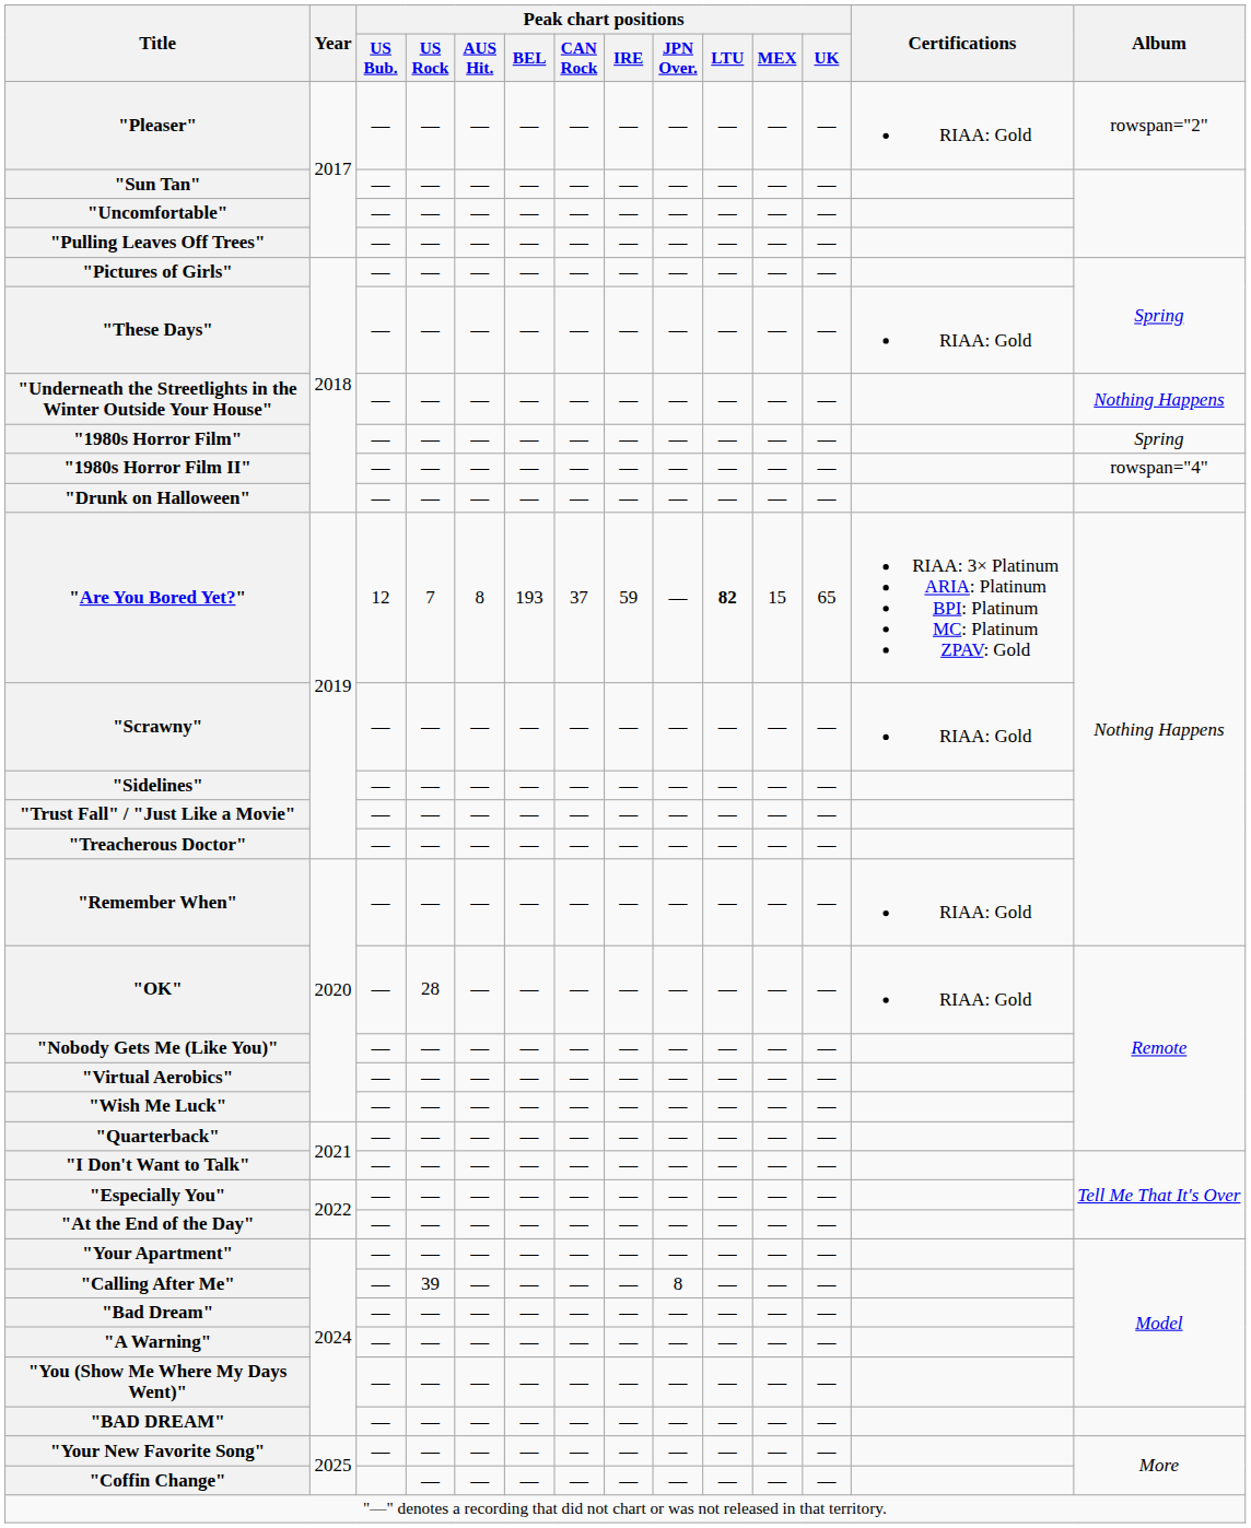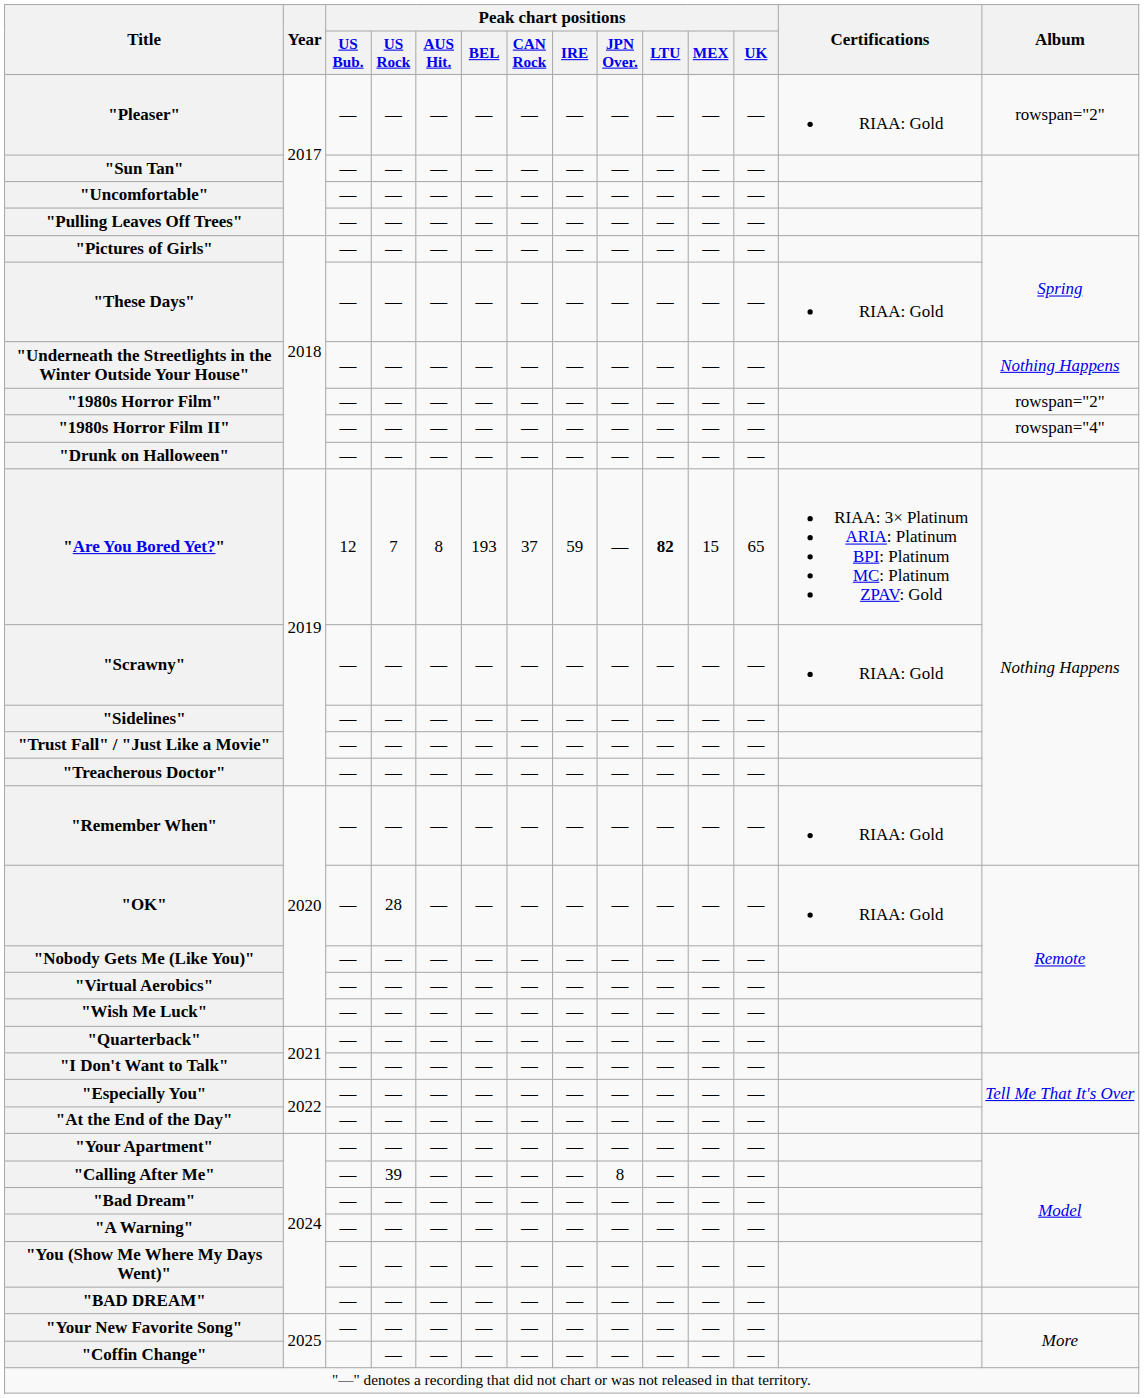 <table class="wikitable plainrowheaders" style="text-align:center;">
 <tr>
 <th scope="col" rowspan="2" style="width:16em;">Title</th>
 <th scope="col" rowspan="2" style="width:1em;">Year</th>
 <th scope="col" colspan="10">Peak chart positions</th>
 <th scope="col" rowspan="2" style="width:11.5em;">Certifications</th>
 <th scope="col" rowspan="2">Album</th>
 </tr>
 <tr>
 <th scope="col" style="width:2.5em;font-size:90%;"><a href='#'>US<br>Bub.</a><br></th>
 <th scope="col" style="width:2.5em;font-size:90%;"><a href='#'>US<br>Rock</a><br></th>
 <th scope="col" style="width:2.5em;font-size:90%;"><a href='#'>AUS<br>Hit.</a><br></th>
 <th scope="col" style="width:2.5em;font-size:90%;"><a href='#'>BEL</a><br></th>
 <th scope="col" style="width:2.5em;font-size:90%;"><a href='#'>CAN<br>Rock</a><br></th>
 <th scope="col" style="width:2.5em;font-size:90%;"><a href='#'>IRE</a><br></th>
 <th scope="col" style="width:2.5em;font-size:90%;"><a href='#'>JPN<br>Over.</a><br></th>
 <th scope="col" style="width:2.5em;font-size:90%;"><a href='#'>LTU</a><br></th>
 <th scope="col" style="width:2.5em;font-size:90%;"><a href='#'>MEX</a><br></th>
 <th scope="col" style="width:2.5em;font-size:90%;"><a href='#'>UK</a><br></th>
 </tr>
 <tr>
 <th scope="row">"Pleaser"</th>
 <td rowspan="4">2017</td>
 <td>—</td>
 <td>—</td>
 <td>—</td>
 <td>—</td>
 <td>—</td>
 <td>—</td>
 <td>—</td>
 <td>—</td>
 <td>—</td>
 <td>—</td>
 <td><br><ul><li>RIAA: Gold</li></ul></td>
 <td>rowspan="2" </td>
 </tr>
 <tr>
 <th scope="row">"Sun Tan"</th>
 <td>—</td>
 <td>—</td>
 <td>—</td>
 <td>—</td>
 <td>—</td>
 <td>—</td>
 <td>—</td>
 <td>—</td>
 <td>—</td>
 <td>—</td>
 <td></td>
 </tr>
 <tr>
 <th scope="row">"Uncomfortable"</th>
 <td>—</td>
 <td>—</td>
 <td>—</td>
 <td>—</td>
 <td>—</td>
 <td>—</td>
 <td>—</td>
 <td>—</td>
 <td>—</td>
 <td>—</td>
 <td></td>
 </tr>
 <tr>
 <th scope="row">"Pulling Leaves Off Trees"</th>
 <td>—</td>
 <td>—</td>
 <td>—</td>
 <td>—</td>
 <td>—</td>
 <td>—</td>
 <td>—</td>
 <td>—</td>
 <td>—</td>
 <td>—</td>
 <td></td>
 </tr>
 <tr>
 <th scope="row">"Pictures of Girls"</th>
 <td rowspan="6">2018</td>
 <td>—</td>
 <td>—</td>
 <td>—</td>
 <td>—</td>
 <td>—</td>
 <td>—</td>
 <td>—</td>
 <td>—</td>
 <td>—</td>
 <td>—</td>
 <td></td>
 <td rowspan="2"><a href='#'><em>Spring</em></a></td>
 </tr>
 <tr>
 <th scope="row">"These Days"</th>
 <td>—</td>
 <td>—</td>
 <td>—</td>
 <td>—</td>
 <td>—</td>
 <td>—</td>
 <td>—</td>
 <td>—</td>
 <td>—</td>
 <td>—</td>
 <td><br><ul><li>RIAA: Gold</li></ul></td>
 </tr>
 <tr>
 <th scope="row">"Underneath the Streetlights in the Winter Outside Your House"</th>
 <td>—</td>
 <td>—</td>
 <td>—</td>
 <td>—</td>
 <td>—</td>
 <td>—</td>
 <td>—</td>
 <td>—</td>
 <td>—</td>
 <td>—</td>
 <td></td>
 <td><a href='#'><em>Nothing Happens</em></a></td>
 </tr>
 <tr>
 <th scope="row">"1980s Horror Film"</th>
 <td>—</td>
 <td>—</td>
 <td>—</td>
 <td>—</td>
 <td>—</td>
 <td>—</td>
 <td>—</td>
 <td>—</td>
 <td>—</td>
 <td>—</td>
 <td></td>
-<td><em>Spring</em></td>
+<td>rowspan="2" </td>
 </tr>
 <tr>
 <th scope="row">"1980s Horror Film II"</th>
 <td>—</td>
 <td>—</td>
 <td>—</td>
 <td>—</td>
 <td>—</td>
 <td>—</td>
 <td>—</td>
 <td>—</td>
 <td>—</td>
 <td>—</td>
 <td></td>
 <td>rowspan="4" </td>
 </tr>
 <tr>
 <th scope="row">"Drunk on Halloween"</th>
 <td>—</td>
 <td>—</td>
 <td>—</td>
 <td>—</td>
 <td>—</td>
 <td>—</td>
 <td>—</td>
 <td>—</td>
 <td>—</td>
 <td>—</td>
 <td></td>
 </tr>
 <tr>
 <th scope="row">"<a href='#'>Are You Bored Yet?</a>"<br></th>
 <td rowspan="5">2019</td>
 <td>12</td>
 <td>7</td>
 <td>8</td>
 <td>193</td>
 <td>37</td>
 <td>59</td>
 <td>—</td>
 <td><strong>82</strong></td>
 <td>15</td>
 <td>65</td>
 <td><br><ul><li>RIAA: 3× Platinum</li><li><a href='#'>ARIA</a>: Platinum</li><li><a href='#'>BPI</a>: Platinum</li><li><a href='#'>MC</a>: Platinum</li><li><a href='#'>ZPAV</a>: Gold</li></ul></td>
 <td rowspan="6"><em>Nothing Happens</em></td>
 </tr>
 <tr>
 <th scope="row">"Scrawny"</th>
 <td>—</td>
 <td>—</td>
 <td>—</td>
 <td>—</td>
 <td>—</td>
 <td>—</td>
 <td>—</td>
 <td>—</td>
 <td>—</td>
 <td>—</td>
 <td><br><ul><li>RIAA: Gold</li></ul></td>
 </tr>
 <tr>
 <th scope="row">"Sidelines"</th>
 <td>—</td>
 <td>—</td>
 <td>—</td>
 <td>—</td>
 <td>—</td>
 <td>—</td>
 <td>—</td>
 <td>—</td>
 <td>—</td>
 <td>—</td>
 <td></td>
 </tr>
 <tr>
 <th scope="row">"Trust Fall" / "Just Like a Movie"</th>
 <td>—</td>
 <td>—</td>
 <td>—</td>
 <td>—</td>
 <td>—</td>
 <td>—</td>
 <td>—</td>
 <td>—</td>
 <td>—</td>
 <td>—</td>
 <td></td>
 </tr>
 <tr>
 <th scope="row">"Treacherous Doctor"</th>
 <td>—</td>
 <td>—</td>
 <td>—</td>
 <td>—</td>
 <td>—</td>
 <td>—</td>
 <td>—</td>
 <td>—</td>
 <td>—</td>
 <td>—</td>
 <td></td>
 </tr>
 <tr>
 <th scope="row">"Remember When"</th>
 <td rowspan="5">2020</td>
 <td>—</td>
 <td>—</td>
 <td>—</td>
 <td>—</td>
 <td>—</td>
 <td>—</td>
 <td>—</td>
 <td>—</td>
 <td>—</td>
 <td>—</td>
 <td><br><ul><li>RIAA: Gold</li></ul></td>
 </tr>
 <tr>
 <th scope="row">"OK"</th>
 <td>—</td>
 <td>28</td>
 <td>—</td>
 <td>—</td>
 <td>—</td>
 <td>—</td>
 <td>—</td>
 <td>—</td>
 <td>—</td>
 <td>—</td>
 <td><br><ul><li>RIAA: Gold</li></ul></td>
 <td rowspan="5"><a href='#'><em>Remote</em></a></td>
 </tr>
 <tr>
 <th scope="row">"Nobody Gets Me (Like You)"</th>
 <td>—</td>
 <td>—</td>
 <td>—</td>
 <td>—</td>
 <td>—</td>
 <td>—</td>
 <td>—</td>
 <td>—</td>
 <td>—</td>
 <td>—</td>
 <td></td>
 </tr>
 <tr>
 <th scope="row">"Virtual Aerobics"</th>
 <td>—</td>
 <td>—</td>
 <td>—</td>
 <td>—</td>
 <td>—</td>
 <td>—</td>
 <td>—</td>
 <td>—</td>
 <td>—</td>
 <td>—</td>
 <td></td>
 </tr>
 <tr>
 <th scope="row">"Wish Me Luck"</th>
 <td>—</td>
 <td>—</td>
 <td>—</td>
 <td>—</td>
 <td>—</td>
 <td>—</td>
 <td>—</td>
 <td>—</td>
 <td>—</td>
 <td>—</td>
 <td></td>
 </tr>
 <tr>
 <th scope="row">"Quarterback"</th>
 <td rowspan="2">2021</td>
 <td>—</td>
 <td>—</td>
 <td>—</td>
 <td>—</td>
 <td>—</td>
 <td>—</td>
 <td>—</td>
 <td>—</td>
 <td>—</td>
 <td>—</td>
 <td></td>
 </tr>
 <tr>
 <th scope="row">"I Don't Want to Talk"</th>
 <td>—</td>
 <td>—</td>
 <td>—</td>
 <td>—</td>
 <td>—</td>
 <td>—</td>
 <td>—</td>
 <td>—</td>
 <td>—</td>
 <td>—</td>
 <td></td>
 <td rowspan="3"><em><a href='#'>Tell Me That It's Over</a></em></td>
 </tr>
 <tr>
 <th scope="row">"Especially You"</th>
 <td rowspan="2">2022</td>
 <td>—</td>
 <td>—</td>
 <td>—</td>
 <td>—</td>
 <td>—</td>
 <td>—</td>
 <td>—</td>
 <td>—</td>
 <td>—</td>
 <td>—</td>
 <td></td>
 </tr>
 <tr>
 <th scope="row">"At the End of the Day"</th>
 <td>—</td>
 <td>—</td>
 <td>—</td>
 <td>—</td>
 <td>—</td>
 <td>—</td>
 <td>—</td>
 <td>—</td>
 <td>—</td>
 <td>—</td>
 <td></td>
 </tr>
 <tr>
 <th scope="row">"Your Apartment"</th>
 <td rowspan="6">2024</td>
 <td>—</td>
 <td>—</td>
 <td>—</td>
 <td>—</td>
 <td>—</td>
 <td>—</td>
 <td>—</td>
 <td>—</td>
 <td>—</td>
 <td>—</td>
 <td></td>
 <td rowspan="5"><em><a href='#'>Model</a></em></td>
 </tr>
 <tr>
 <th scope="row">"Calling After Me"</th>
 <td>—</td>
 <td>39</td>
 <td>—</td>
 <td>—</td>
 <td>—</td>
 <td>—</td>
 <td>8</td>
 <td>—</td>
 <td>—</td>
 <td>—</td>
 <td></td>
 </tr>
 <tr>
 <th scope="row">"Bad Dream"</th>
 <td>—</td>
 <td>—</td>
 <td>—</td>
 <td>—</td>
 <td>—</td>
 <td>—</td>
 <td>—</td>
 <td>—</td>
 <td>—</td>
 <td>—</td>
 <td></td>
 </tr>
 <tr>
 <th scope="row">"A Warning"</th>
 <td>—</td>
 <td>—</td>
 <td>—</td>
 <td>—</td>
 <td>—</td>
 <td>—</td>
 <td>—</td>
 <td>—</td>
 <td>—</td>
 <td>—</td>
 <td></td>
 </tr>
 <tr>
 <th scope="row">"You (Show Me Where My Days Went)"</th>
 <td>—</td>
 <td>—</td>
 <td>—</td>
 <td>—</td>
 <td>—</td>
 <td>—</td>
 <td>—</td>
 <td>—</td>
 <td>—</td>
 <td>—</td>
 <td></td>
 </tr>
 <tr>
 <th scope="row">"BAD DREAM"</th>
 <td>—</td>
 <td>—</td>
 <td>—</td>
 <td>—</td>
 <td>—</td>
 <td>—</td>
 <td>—</td>
 <td>—</td>
 <td>—</td>
 <td>—</td>
 <td></td>
 <td></td>
 </tr>
 <tr>
 <th scope="row">"Your New Favorite Song"</th>
 <td rowspan="2">2025</td>
 <td>—</td>
 <td>—</td>
 <td>—</td>
 <td>—</td>
 <td>—</td>
 <td>—</td>
 <td>—</td>
 <td>—</td>
 <td>—</td>
 <td>—</td>
 <td></td>
 <td rowspan="2"><em>More</em></td>
 </tr>
 <tr>
 <th scope="row">"Coffin Change"</th>
 <td></td>
 <td>—</td>
 <td>—</td>
 <td>—</td>
 <td>—</td>
 <td>—</td>
 <td>—</td>
 <td>—</td>
 <td>—</td>
 <td>—</td>
 <td></td>
 </tr>
 <tr>
 <td colspan="14" style="font-size:90%">"—" denotes a recording that did not chart or was not released in that territory.</td>
 </tr>
 </table>
